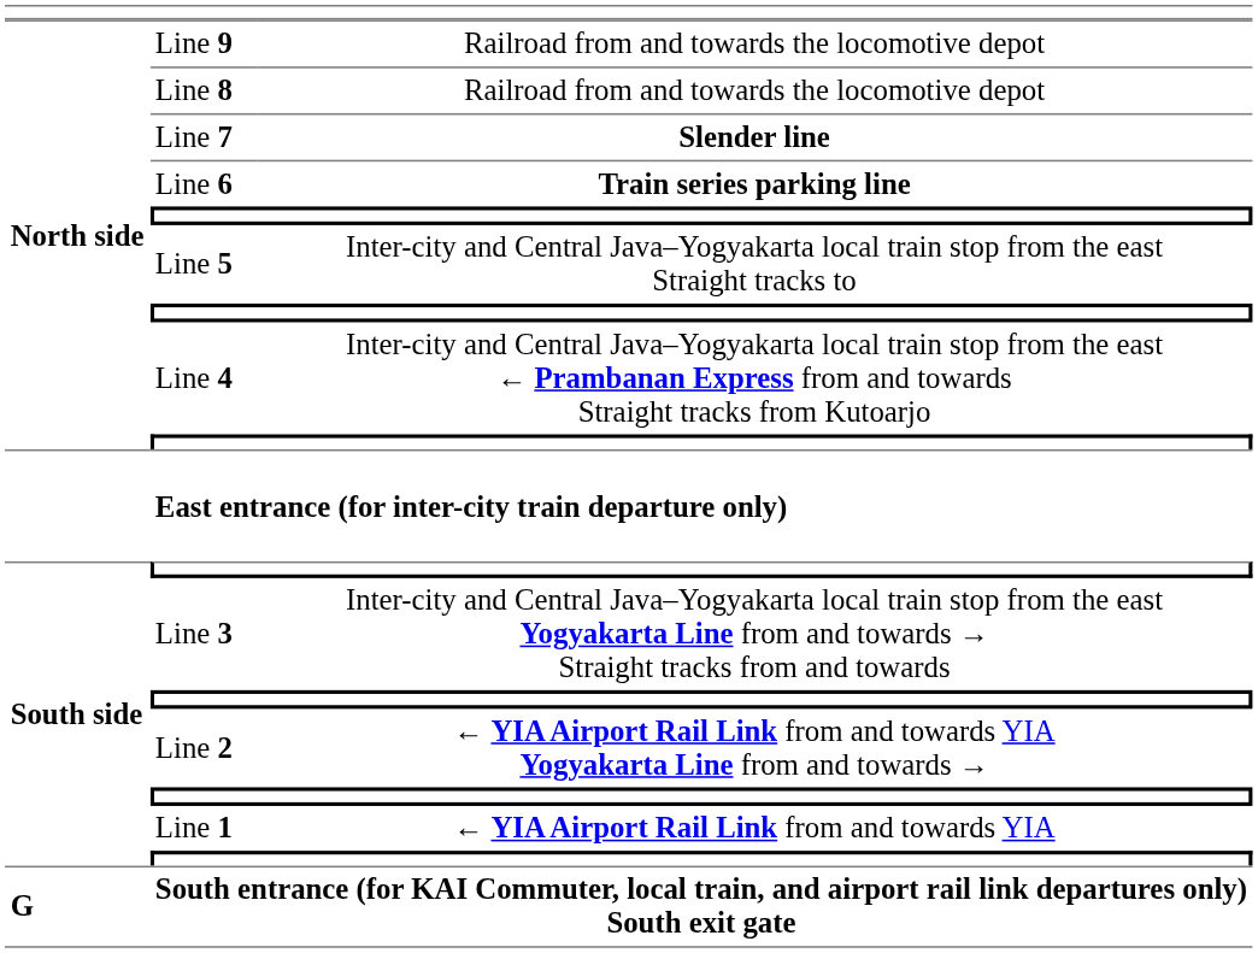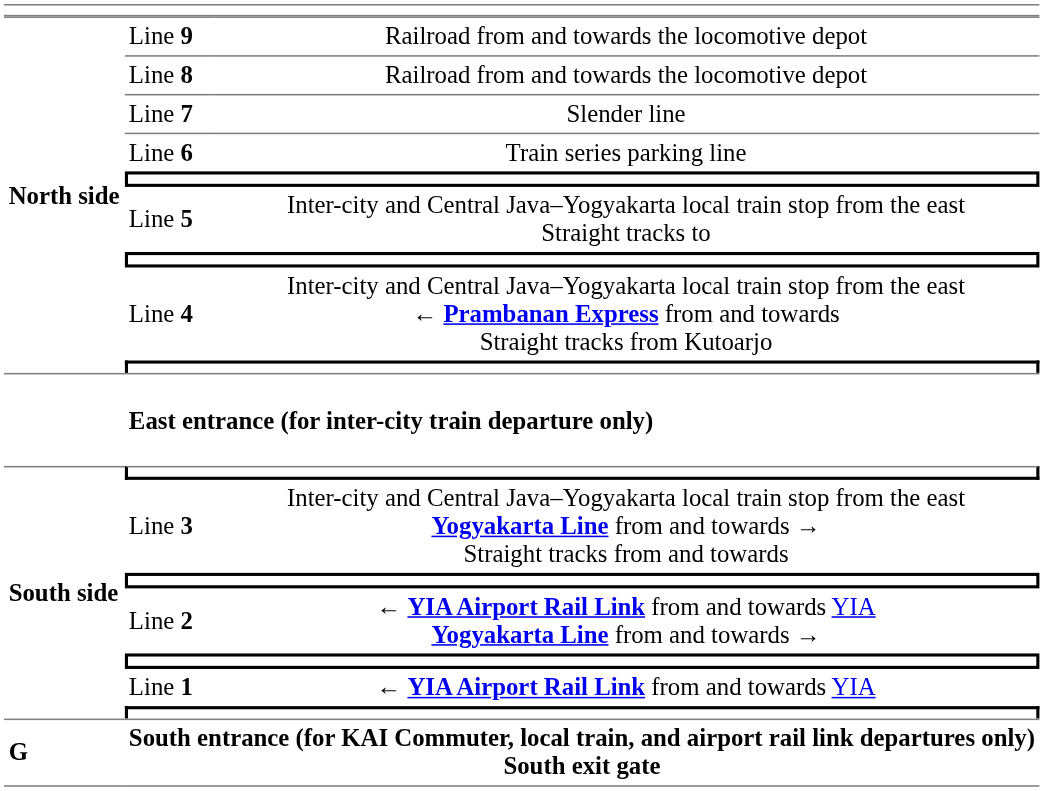 <table cellspacing="0" cellpadding="3">
 <tr>
 <td colspan="3" style="border-top:solid 1px gray;border-bottom:solid 1px gray;text-align:center">    </td>
 </tr>
 <tr>
 <td style="border-top:solid 1px gray;" rowspan="9"><strong>North side</strong></td>
 <td style="border-top:solid 1px gray;">Line <strong>9</strong></td>
 <td style="border-top:solid 1px gray;text-align:center">Railroad  from and towards the locomotive depot</td>
 </tr>
 <tr>
 <td style="border-top:solid 1px gray;">Line <strong>8</strong></td>
 <td style="border-top:solid 1px gray;text-align:center">Railroad  from and towards the locomotive depot</td>
 </tr>
 <tr>
 <td style="border-top:solid 1px gray;">Line <strong>7</strong></td>
-<td style="border-top:solid 1px gray;text-align:center"><strong>Slender line</strong></td>
+<td style="border-top:solid 1px gray;text-align:center">Slender line</td>
 </tr>
 <tr>
 <td style="border-top:solid 1px gray;">Line <strong>6</strong></td>
-<td style="border-top:solid 1px gray;text-align:center"><strong>Train series parking line</strong></td>
+<td style="border-top:solid 1px gray;text-align:center">Train series parking line</td>
 </tr>
 <tr>
 <td style="text-align:center;border-top:solid 2px black;border-bottom:solid 2px black;border-left:solid 2px black;border-right:solid 2px black;text-align:center" colspan="2"></td>
 </tr>
 <tr>
 <td>Line <strong>5</strong></td>
 <td style="text-align:center">Inter-city and Central Java–Yogyakarta local train stop from the east<br>Straight tracks to </td>
 </tr>
 <tr>
 <td style="text-align:center;border-top:solid 2px black;border-bottom:solid 2px black;border-left:solid 2px black;border-right:solid 2px black;text-align:center" colspan="2"></td>
 </tr>
 <tr>
 <td>Line <strong>4</strong></td>
 <td style="text-align:center">Inter-city and Central Java–Yogyakarta local train stop from the east<br>←   <strong><a href='#'>Prambanan Express</a></strong> from and towards <br>Straight tracks from Kutoarjo</td>
 </tr>
 <tr>
 <td style="border-top:solid 2px black;border-left:solid 2px black;border-right:solid 2px black;text-align:center" colspan="2"></td>
 </tr>
 <tr>
 <td style="border-top:solid 1px gray;height:40pt"></td>
 <td style="border-top:solid 1px gray;height:40pt" colspan="2"><strong>East entrance (for inter-city train departure only)</strong></td>
 </tr>
 <tr>
 <td style="border-top:solid 1px gray;" rowspan="7"><strong>South side</strong></td>
 <td style="text-align:center;border-top:solid 1px gray;border-bottom:solid 2px black;border-left:solid 2px black;border-right:solid 2px black;text-align:center" colspan="2"></td>
 </tr>
 <tr>
 <td>Line <strong>3</strong></td>
 <td style="text-align:center">Inter-city and Central Java–Yogyakarta local train stop from the east<br> <strong><a href='#'>Yogyakarta Line</a></strong> from and towards   →<br>Straight tracks from and towards </td>
 </tr>
 <tr>
 <td style="text-align:center;border-top:solid 2px black;border-bottom:solid 2px black;border-left:solid 2px black;border-right:solid 2px black;text-align:center" colspan="2"></td>
 </tr>
 <tr>
 <td>Line <strong>2</strong></td>
 <td style="text-align:center">←   <strong><a href='#'>YIA Airport Rail Link</a></strong> from and towards <a href='#'>YIA</a><br> <strong><a href='#'>Yogyakarta Line</a></strong> from and towards   →</td>
 </tr>
 <tr>
 <td style="text-align:center;border-top:solid 2px black;border-bottom:solid 2px black;border-left:solid 2px black;border-right:solid 2px black;text-align:center" colspan="2"></td>
 </tr>
 <tr>
 <td>Line <strong>1</strong></td>
 <td style="text-align:center">←   <strong><a href='#'>YIA Airport Rail Link</a></strong> from and towards <a href='#'>YIA</a></td>
 </tr>
 <tr>
 <td style="border-top:solid 2px black;border-left:solid 2px black;border-right:solid 2px black;text-align:center" colspan="2"></td>
 </tr>
 <tr>
 <td style="border-top:solid 1px gray;border-bottom:solid 1px gray;"><strong>G</strong></td>
 <td style="border-top:solid 1px gray;border-bottom:solid 1px gray;text-align:center" colspan="2"><strong>South entrance (for KAI Commuter, local train, and airport rail link departures only)<br>South exit gate</strong></td>
 </tr>
 <tr>
 </tr>
 </table>
